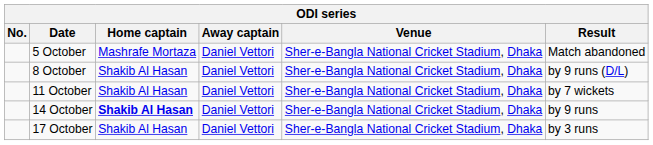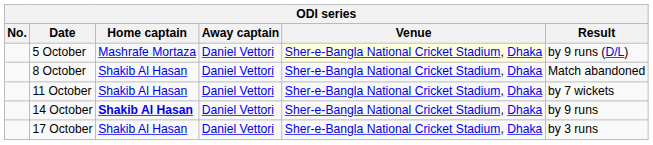 <table class="wikitable">
 <tr>
 <th colspan="6">ODI series</th>
 </tr>
 <tr>
 <th>No.</th>
 <th>Date</th>
 <th>Home captain</th>
 <th>Away captain</th>
 <th>Venue</th>
 <th>Result</th>
 </tr>
 <tr>
 <td></td>
 <td>5 October</td>
 <td><a href='#'>Mashrafe Mortaza</a></td>
 <td><a href='#'>Daniel Vettori</a></td>
-<td><a href='#'>Sher-e-Bangla National Cricket Stadium</a>, <a href='#'>Dhaka</a></td>
-<td>Match abandoned</td>
+<td style="background: lightyellow;"><a href='#'>Sher-e-Bangla National Cricket Stadium</a>, <a href='#'>Dhaka</a></td>
+<td> by 9 runs (<a href='#'>D/L</a>)</td>
 </tr>
 <tr>
 <td></td>
 <td>8 October</td>
 <td><a href='#'>Shakib Al Hasan</a></td>
 <td><a href='#'>Daniel Vettori</a></td>
 <td><a href='#'>Sher-e-Bangla National Cricket Stadium</a>, <a href='#'>Dhaka</a></td>
-<td> by 9 runs (<a href='#'>D/L</a>)</td>
+<td>Match abandoned</td>
 </tr>
 <tr>
 <td></td>
 <td>11 October</td>
 <td><a href='#'>Shakib Al Hasan</a></td>
 <td><a href='#'>Daniel Vettori</a></td>
 <td><a href='#'>Sher-e-Bangla National Cricket Stadium</a>, <a href='#'>Dhaka</a></td>
 <td> by 7 wickets</td>
 </tr>
 <tr>
 <td></td>
 <td>14 October</td>
 <td><strong><a href='#'>Shakib Al Hasan</a></strong></td>
 <td><a href='#'>Daniel Vettori</a></td>
 <td><a href='#'>Sher-e-Bangla National Cricket Stadium</a>, <a href='#'>Dhaka</a></td>
 <td> by 9 runs</td>
 </tr>
 <tr>
 <td></td>
 <td>17 October</td>
 <td><a href='#'>Shakib Al Hasan</a></td>
 <td><a href='#'>Daniel Vettori</a></td>
 <td><a href='#'>Sher-e-Bangla National Cricket Stadium</a>, <a href='#'>Dhaka</a></td>
 <td> by 3 runs</td>
 </tr>
 </table>
